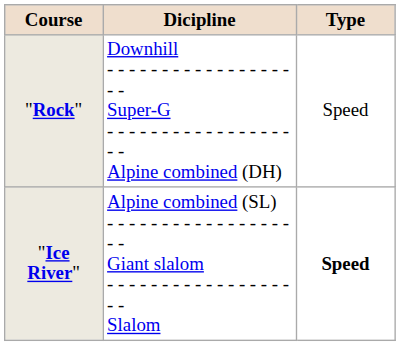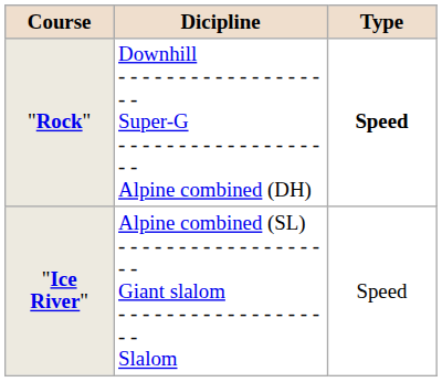 <table class="wikitable plainrowheaders" style="background:#fff; font-size:86%; line-height:15px; border:grey solid 1px; border-collapse:collapse;">
 <tr style="background:#ccc; text-align:center;">
 <th style="background:#EFDECD;" width="65">Course</th>
 <th style="background:#EFDECD;" width="135">Dicipline</th>
 <th style="background:#EFDECD;" width="65">Type</th>
 </tr>
 <tr>
 <td align=center bgcolor="EDEAE0">"<strong><a href='#'>Rock</a></strong>"</td>
 <td><a href='#'>Downhill</a><br>- - - - - - - - - - - - - - - - - - -<br><a href='#'>Super-G</a><br>- - - - - - - - - - - - - - - - - - -<br><a href='#'>Alpine combined</a> (DH)</td>
-<td align=center>Speed</td>
+<td align=center><strong>Speed</strong></td>
 </tr>
 <tr>
 <td align=center bgcolor="EDEAE0">"<strong><a href='#'>Ice River</a></strong>"</td>
 <td><a href='#'>Alpine combined</a> (SL)<br>- - - - - - - - - - - - - - - - - - -<br><a href='#'>Giant slalom</a><br>- - - - - - - - - - - - - - - - - - -<br><a href='#'>Slalom</a><br></td>
-<td align=center><strong>Speed</strong></td>
+<td align=center>Speed</td>
 </tr>
 </table>
